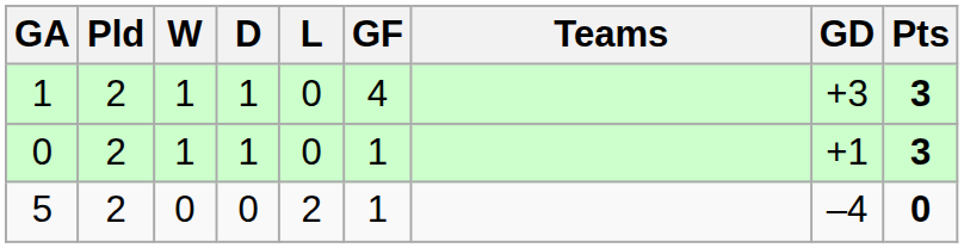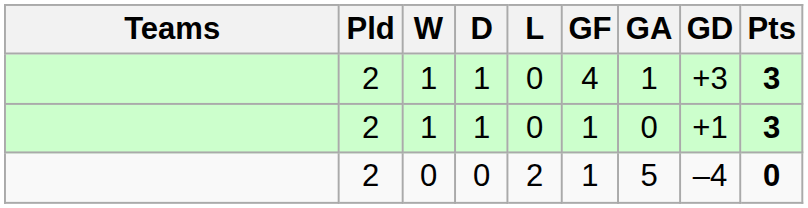 <table class="wikitable" style="text-align: center;">
 <tr>
-<th width=20>GA</th>
+<th width=165>Teams</th>
 <th width=20>Pld</th>
 <th width=20>W</th>
 <th width=20>D</th>
 <th width=20>L</th>
 <th width=20>GF</th>
-<th width=165>Teams</th>
+<th width=20>GA</th>
 <th width=20>GD</th>
 <th width=20>Pts</th>
 </tr>
 <tr align=center style="background:#ccffcc;">
-<td>1</td>
+<td style="text-align:left;"></td>
 <td>2</td>
 <td>1</td>
 <td>1</td>
 <td>0</td>
 <td>4</td>
-<td style="text-align:left;"></td>
+<td>1</td>
 <td>+3</td>
 <td><strong>3</strong></td>
 </tr>
 <tr align=center style="background:#ccffcc;">
-<td>0</td>
+<td style="text-align:left;"></td>
 <td>2</td>
 <td>1</td>
 <td>1</td>
 <td>0</td>
 <td>1</td>
-<td style="text-align:left;"></td>
+<td>0</td>
 <td>+1</td>
 <td><strong>3</strong></td>
 </tr>
 <tr align=center>
-<td>5</td>
+<td style="text-align:left;"></td>
 <td>2</td>
 <td>0</td>
 <td>0</td>
 <td>2</td>
 <td>1</td>
-<td style="text-align:left;"></td>
+<td>5</td>
 <td>–4</td>
 <td><strong>0</strong></td>
 </tr>
 </table>
